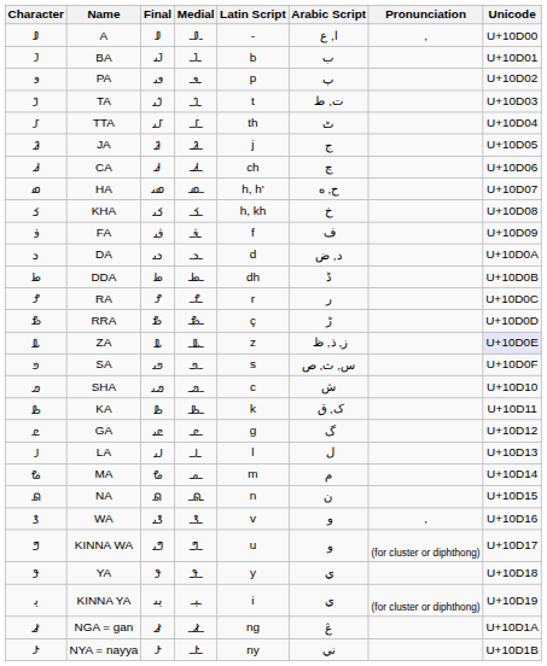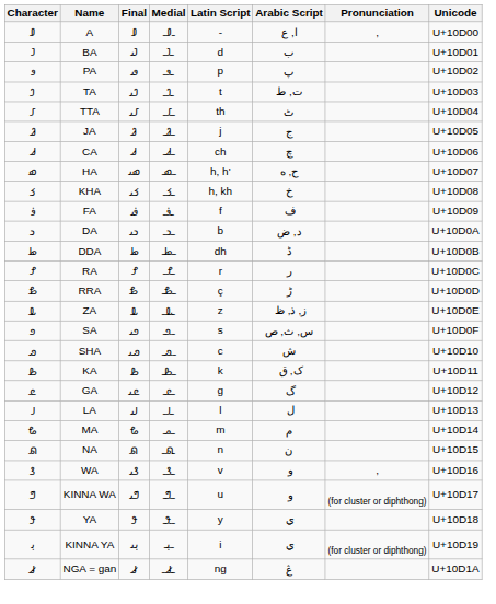 <table class="wikitable" style="text-align: center;">
 <tr>
 <th>Character </th>
 <th>Name</th>
 <th>Final</th>
 <th>Medial</th>
 <th>Latin Script</th>
 <th>Arabic Script</th>
 <th>Pronunciation</th>
 <th>Unicode </th>
 </tr>
 <tr>
 <td><span>𐴀</span></td>
 <td>A</td>
 <td><span>𐴀</span></td>
 <td><span>ـ𐴀ـ</span></td>
 <td>-</td>
 <td>ا, ع</td>
 <td>, </td>
 <td>U+10D00</td>
 </tr>
 <tr>
 <td><span>𐴁</span></td>
 <td>BA</td>
 <td><span>𐴁𐴢</span></td>
 <td><span> ـ𐴁ـ </span></td>
-<td>b</td>
+<td>d</td>
 <td>ب</td>
 <td></td>
 <td>U+10D01</td>
 </tr>
 <tr>
 <td><span>𐴂</span></td>
 <td>PA</td>
 <td><span>𐴂𐴢</span></td>
 <td><span> ـ𐴂ـ </span></td>
 <td>p</td>
 <td>پ</td>
 <td></td>
 <td>U+10D02</td>
 </tr>
 <tr>
 <td><span>𐴃</span></td>
 <td>TA</td>
 <td><span>𐴃𐴢</span></td>
 <td><span> ـ𐴃ـ </span></td>
 <td>t</td>
 <td>ت, ط</td>
 <td></td>
 <td>U+10D03</td>
 </tr>
 <tr>
 <td><span>𐴄</span></td>
 <td>TTA</td>
 <td><span>𐴄𐴢</span></td>
 <td><span> ـ𐴄ـ </span></td>
 <td>th</td>
 <td>ٹ</td>
 <td></td>
 <td>U+10D04</td>
 </tr>
 <tr>
 <td><span>𐴅</span></td>
 <td>JA</td>
 <td><span>𐴅</span></td>
 <td><span> ـ𐴅ـ </span></td>
 <td>j</td>
 <td>ج</td>
 <td></td>
 <td>U+10D05</td>
 </tr>
 <tr>
 <td><span>𐴆</span></td>
 <td>CA</td>
 <td><span>𐴆</span></td>
 <td><span> ـ𐴆ـ </span></td>
 <td>ch</td>
 <td>چ</td>
 <td></td>
 <td>U+10D06</td>
 </tr>
 <tr>
 <td><span>𐴇</span></td>
 <td>HA</td>
 <td><span>𐴇𐴢</span></td>
 <td><span> ـ𐴇ـ </span></td>
 <td>h, h'</td>
 <td>ح, ه</td>
 <td></td>
 <td>U+10D07</td>
 </tr>
 <tr>
 <td><span>𐴈</span></td>
 <td>KHA</td>
 <td><span>𐴈𐴢</span></td>
 <td><span>  ـ𐴈ـ  </span></td>
 <td>h, kh</td>
 <td>خ</td>
 <td></td>
 <td>U+10D08</td>
 </tr>
 <tr>
 <td><span>𐴉</span></td>
 <td>FA</td>
 <td><span>𐴉𐴢</span></td>
 <td><span> ـ𐴉ـ </span></td>
 <td>f‌</td>
 <td>‌ ف</td>
 <td></td>
 <td>U+10D09</td>
 </tr>
 <tr>
 <td><span>𐴊</span></td>
 <td>DA</td>
 <td><span>𐴊𐴢</span></td>
 <td><span> ـ𐴊ـ </span></td>
-<td>d</td>
+<td>b</td>
 <td>‌د, ض</td>
 <td></td>
 <td>U+10D0A</td>
 </tr>
 <tr>
 <td><span>𐴋</span></td>
 <td>DDA</td>
 <td><span>𐴋</span></td>
 <td><span> ـ𐴋ـ </span></td>
 <td>dh</td>
 <td>ڈ</td>
 <td></td>
 <td>U+10D0B</td>
 </tr>
 <tr>
 <td><span>𐴌</span></td>
 <td>RA</td>
 <td><span>𐴌</span></td>
 <td><span>ـ𐴌ـ </span></td>
 <td>r</td>
 <td>ر</td>
 <td></td>
 <td>U+10D0C</td>
 </tr>
 <tr>
 <td><span>𐴍</span></td>
 <td>RRA</td>
 <td><span>𐴍</span></td>
 <td><span>ـ𐴍ـ </span></td>
 <td>ç</td>
 <td>ڑ</td>
 <td></td>
 <td>U+10D0D</td>
 </tr>
 <tr>
 <td><span>𐴎</span></td>
 <td>ZA</td>
 <td><span>𐴎</span></td>
 <td><span>ـ𐴎ـ </span></td>
 <td>z</td>
 <td>‌ ز, ذ, ظ</td>
 <td></td>
-<td style="background: lavender;">U+10D0E</td>
+<td>U+10D0E</td>
 </tr>
 <tr>
 <td><span>𐴏</span></td>
 <td>SA</td>
 <td><span>𐴏𐴢</span></td>
 <td><span>ـ𐴏ـ </span></td>
 <td>s</td>
 <td>س, ث, ص</td>
 <td></td>
 <td>U+10D0F</td>
 </tr>
 <tr>
 <td><span>𐴐</span></td>
 <td>SHA</td>
 <td><span>𐴐𐴢</span></td>
 <td><span>ـ𐴐ـ </span></td>
 <td>c</td>
 <td>‌ش</td>
 <td></td>
 <td>U+10D10</td>
 </tr>
 <tr>
 <td><span>𐴑</span></td>
 <td>KA</td>
 <td><span>𐴑</span></td>
 <td><span> ـ𐴑ـ </span></td>
 <td>k</td>
 <td>‌ ک‌, ق</td>
 <td></td>
 <td>U+10D11</td>
 </tr>
 <tr>
 <td><span>𐴒</span></td>
 <td>GA</td>
 <td><span>𐴒𐴢</span></td>
 <td><span>ـ𐴒ـ </span></td>
 <td>g</td>
 <td>‌ گ</td>
 <td></td>
 <td>U+10D12</td>
 </tr>
 <tr>
 <td><span>𐴓</span></td>
 <td>LA</td>
 <td><span>𐴓𐴢</span></td>
 <td><span> ـ𐴓ـ </span></td>
 <td>l</td>
 <td>‌ ل</td>
 <td></td>
 <td>U+10D13</td>
 </tr>
 <tr>
 <td><span>𐴔</span></td>
 <td>MA</td>
 <td><span>𐴔</span></td>
 <td><span>ـ𐴔ـ </span></td>
 <td>m</td>
 <td>م</td>
 <td></td>
 <td>U+10D14</td>
 </tr>
 <tr>
 <td><span>𐴕</span></td>
 <td>NA</td>
 <td><span>𐴕</span></td>
 <td><span>ـ𐴕ـ </span></td>
 <td>n</td>
 <td>ن</td>
 <td></td>
 <td>U+10D15</td>
 </tr>
 <tr>
 <td><span>𐴖</span></td>
 <td>WA</td>
 <td><span>𐴖𐴢</span></td>
 <td><span>ـ𐴖ـ </span></td>
 <td>v</td>
 <td>‌ و</td>
 <td>, </td>
 <td>U+10D16</td>
 </tr>
 <tr>
 <td><span>𐴗</span></td>
 <td>KINNA WA</td>
 <td><span>𐴗𐴢</span></td>
 <td><span>ـ𐴗ـ </span></td>
 <td>u</td>
 <td>‌ و</td>
 <td><br><small>(for cluster or diphthong)</small></td>
 <td>U+10D17</td>
 </tr>
 <tr>
 <td><span>𐴘</span></td>
 <td>YA</td>
 <td><span>𐴘</span></td>
 <td><span>ـ𐴘ـ </span></td>
 <td>y</td>
 <td>‌ ي</td>
 <td></td>
 <td>U+10D18</td>
 </tr>
 <tr>
 <td><span>𐴙</span></td>
 <td>KINNA YA</td>
 <td><span>𐴙𐴢</span></td>
 <td><span>ـ𐴙ـ </span></td>
 <td>i</td>
 <td>‌ ي</td>
 <td><br><small>(for cluster or diphthong)</small></td>
 <td>U+10D19</td>
 </tr>
 <tr>
 <td><span>𐴚</span></td>
 <td>NGA = gan</td>
 <td><span>𐴚</span></td>
 <td><span>ـ𐴚ـ </span></td>
 <td>ng</td>
 <td>ڠ</td>
 <td></td>
 <td>U+10D1A</td>
 </tr>
-<tr>
-<td><span>𐴛</span></td>
-<td>NYA = nayya</td>
-<td><span>𐴛</span></td>
-<td><span>ـ𐴛ـ </span></td>
-<td>ny</td>
-<td>ني</td>
-<td></td>
-<td>U+10D1B</td>
-</tr>
 </table>
